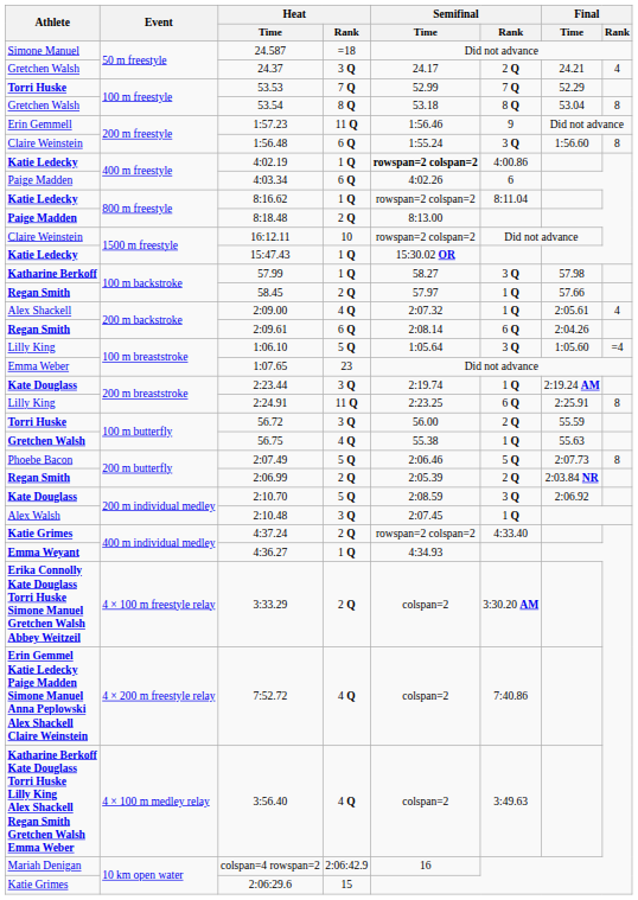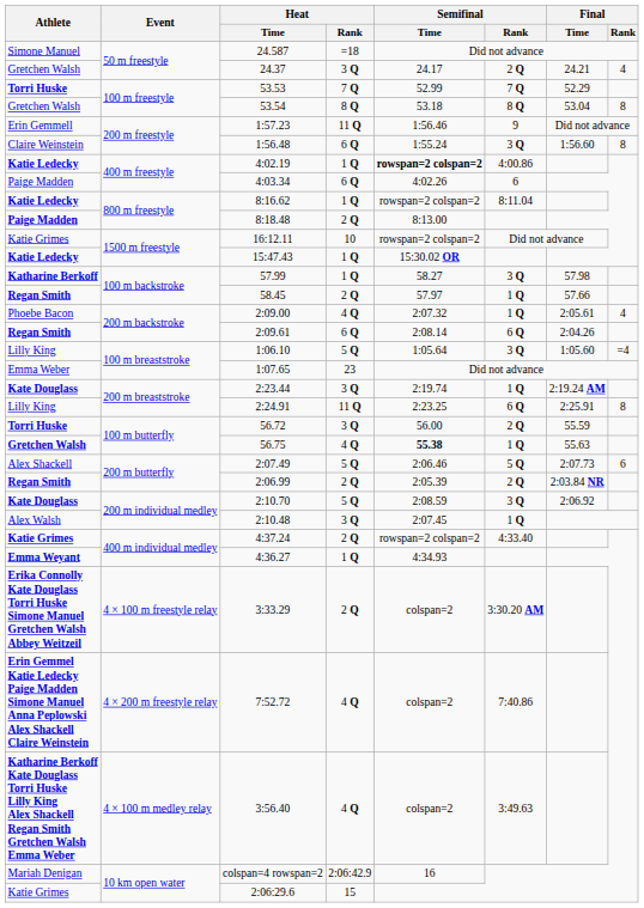 <table class=wikitable style=font-size:90%;text-align:center>
 <tr>
 <th rowspan=2>Athlete</th>
 <th rowspan=2>Event</th>
 <th colspan=2>Heat</th>
 <th colspan=2>Semifinal</th>
 <th colspan=2>Final</th>
 </tr>
 <tr style=font-size:95%>
 <th>Time</th>
 <th>Rank</th>
 <th>Time</th>
 <th>Rank</th>
 <th>Time</th>
 <th>Rank</th>
 </tr>
 <tr>
 <td align=left><a href='#'>Simone Manuel</a></td>
 <td align=left rowspan=2><a href='#'>50 m freestyle</a></td>
 <td>24.587</td>
 <td>=18</td>
 <td colspan=4>Did not advance</td>
 </tr>
 <tr>
 <td align=left><a href='#'>Gretchen Walsh</a></td>
 <td>24.37</td>
 <td>3 <strong>Q</strong></td>
 <td>24.17</td>
 <td>2 <strong>Q</strong></td>
 <td>24.21</td>
 <td>4</td>
 </tr>
 <tr>
 <td align=left><strong><a href='#'>Torri Huske</a></strong></td>
 <td align=left rowspan=2><a href='#'>100 m freestyle</a></td>
 <td>53.53</td>
 <td>7 <strong>Q</strong></td>
 <td>52.99</td>
 <td>7 <strong>Q</strong></td>
 <td>52.29</td>
 <td></td>
 </tr>
 <tr>
 <td align=left><a href='#'>Gretchen Walsh</a></td>
 <td>53.54</td>
 <td>8 <strong>Q</strong></td>
 <td>53.18</td>
 <td>8 <strong>Q</strong></td>
 <td>53.04</td>
 <td>8</td>
 </tr>
 <tr>
 <td align=left><a href='#'>Erin Gemmell</a></td>
 <td align=left rowspan=2><a href='#'>200 m freestyle</a></td>
 <td>1:57.23</td>
 <td>11 <strong>Q</strong></td>
 <td>1:56.46</td>
 <td>9</td>
 <td colspan=2>Did not advance</td>
 </tr>
 <tr>
 <td align=left><a href='#'>Claire Weinstein</a></td>
 <td>1:56.48</td>
 <td>6 <strong>Q</strong></td>
 <td>1:55.24</td>
 <td>3 <strong>Q</strong></td>
 <td>1:56.60</td>
 <td>8</td>
 </tr>
 <tr>
 <td align=left><strong><a href='#'>Katie Ledecky</a></strong></td>
 <td align=left rowspan=2><a href='#'>400 m freestyle</a></td>
 <td>4:02.19</td>
 <td>1 <strong>Q</strong></td>
 <td><strong>rowspan=2 colspan=2 </strong></td>
 <td>4:00.86</td>
 <td></td>
 </tr>
 <tr>
 <td align=left><a href='#'>Paige Madden</a></td>
 <td>4:03.34</td>
 <td>6 <strong>Q</strong></td>
 <td>4:02.26</td>
 <td>6</td>
 </tr>
 <tr>
 <td align=left><strong><a href='#'>Katie Ledecky</a></strong></td>
 <td align=left rowspan=2><a href='#'>800 m freestyle</a></td>
 <td>8:16.62</td>
 <td>1 <strong>Q</strong></td>
 <td>rowspan=2 colspan=2 </td>
 <td>8:11.04</td>
 <td></td>
 </tr>
 <tr>
 <td align=left><strong><a href='#'>Paige Madden</a></strong></td>
 <td>8:18.48</td>
 <td>2 <strong>Q</strong></td>
 <td>8:13.00</td>
 <td></td>
 </tr>
 <tr>
-<td align=left><a href='#'>Claire Weinstein</a></td>
+<td align=left><a href='#'>Katie Grimes</a></td>
 <td align=left rowspan=2><a href='#'>1500 m freestyle</a></td>
 <td>16:12.11</td>
 <td>10</td>
 <td>rowspan=2 colspan=2 </td>
 <td colspan=2>Did not advance</td>
 </tr>
 <tr>
 <td align=left><strong><a href='#'>Katie Ledecky</a></strong></td>
 <td>15:47.43</td>
 <td>1 <strong>Q</strong></td>
 <td>15:30.02 <strong><a href='#'>OR</a></strong></td>
 <td></td>
 </tr>
 <tr>
 <td align=left><strong><a href='#'>Katharine Berkoff</a></strong></td>
 <td align=left rowspan=2><a href='#'>100 m backstroke</a></td>
 <td>57.99</td>
 <td>1 <strong>Q</strong></td>
 <td>58.27</td>
 <td>3 <strong>Q</strong></td>
 <td>57.98</td>
 <td></td>
 </tr>
 <tr>
 <td align=left><strong><a href='#'>Regan Smith</a></strong></td>
 <td>58.45</td>
 <td>2 <strong>Q</strong></td>
 <td>57.97</td>
 <td>1 <strong>Q</strong></td>
 <td>57.66</td>
 <td></td>
 </tr>
 <tr>
-<td align=left><a href='#'>Alex Shackell</a></td>
+<td align=left><a href='#'>Phoebe Bacon</a></td>
 <td align=left rowspan=2><a href='#'>200 m backstroke</a></td>
 <td>2:09.00</td>
 <td>4 <strong>Q</strong></td>
 <td>2:07.32</td>
 <td>1 <strong>Q</strong></td>
 <td>2:05.61</td>
 <td>4</td>
 </tr>
 <tr>
 <td align=left><strong><a href='#'>Regan Smith</a></strong></td>
 <td>2:09.61</td>
 <td>6 <strong>Q</strong></td>
 <td>2:08.14</td>
 <td>6 <strong>Q</strong></td>
 <td>2:04.26</td>
 <td></td>
 </tr>
 <tr>
 <td align=left><a href='#'>Lilly King</a></td>
 <td align=left rowspan=2><a href='#'>100 m breaststroke</a></td>
 <td>1:06.10</td>
 <td>5 <strong>Q</strong></td>
 <td>1:05.64</td>
 <td>3 <strong>Q</strong></td>
 <td>1:05.60</td>
 <td>=4</td>
 </tr>
 <tr>
 <td align=left><a href='#'>Emma Weber</a></td>
 <td>1:07.65</td>
 <td>23</td>
 <td colspan=4>Did not advance</td>
 </tr>
 <tr>
 <td align=left><strong><a href='#'>Kate Douglass</a></strong></td>
 <td align=left rowspan=2><a href='#'>200 m breaststroke</a></td>
 <td>2:23.44</td>
 <td>3 <strong>Q</strong></td>
 <td>2:19.74</td>
 <td>1 <strong>Q</strong></td>
 <td>2:19.24 <strong><a href='#'>AM</a></strong></td>
 <td></td>
 </tr>
 <tr>
 <td align=left><a href='#'>Lilly King</a></td>
 <td>2:24.91</td>
 <td>11 <strong>Q</strong></td>
 <td>2:23.25</td>
 <td>6 <strong>Q</strong></td>
 <td>2:25.91</td>
 <td>8</td>
 </tr>
 <tr>
 <td align=left><strong><a href='#'>Torri Huske</a></strong></td>
 <td align=left rowspan=2><a href='#'>100 m butterfly</a></td>
 <td>56.72</td>
 <td>3 <strong>Q</strong></td>
 <td>56.00</td>
 <td>2 <strong>Q</strong></td>
 <td>55.59</td>
 <td></td>
 </tr>
 <tr>
 <td align=left><strong><a href='#'>Gretchen Walsh</a></strong></td>
 <td>56.75</td>
 <td>4 <strong>Q</strong></td>
-<td>55.38 </td>
+<td><strong>55.38 </strong></td>
 <td>1 <strong>Q</strong></td>
 <td>55.63</td>
 <td></td>
 </tr>
 <tr>
-<td align=left><a href='#'>Phoebe Bacon</a></td>
+<td align=left><a href='#'>Alex Shackell</a></td>
 <td align=left rowspan=2><a href='#'>200 m butterfly</a></td>
 <td>2:07.49</td>
 <td>5 <strong>Q</strong></td>
 <td>2:06.46</td>
 <td>5 <strong>Q</strong></td>
 <td>2:07.73</td>
-<td>8</td>
+<td>6</td>
 </tr>
 <tr>
 <td align=left><strong><a href='#'>Regan Smith</a></strong></td>
 <td>2:06.99</td>
 <td>2 <strong>Q</strong></td>
 <td>2:05.39</td>
 <td>2 <strong>Q</strong></td>
 <td>2:03.84 <strong><a href='#'>NR</a></strong></td>
 <td></td>
 </tr>
 <tr>
 <td align=left><strong><a href='#'>Kate Douglass</a></strong></td>
 <td align=left rowspan=2><a href='#'>200 m individual medley</a></td>
 <td>2:10.70</td>
 <td>5 <strong>Q</strong></td>
 <td>2:08.59</td>
 <td>3 <strong>Q</strong></td>
 <td>2:06.92</td>
 <td></td>
 </tr>
 <tr>
 <td align=left><a href='#'>Alex Walsh</a></td>
 <td>2:10.48</td>
 <td>3 <strong>Q</strong></td>
 <td>2:07.45</td>
 <td>1 <strong>Q</strong></td>
 <td colspan=2></td>
 </tr>
 <tr>
 <td align=left><strong><a href='#'>Katie Grimes</a></strong></td>
 <td align=left rowspan=2><a href='#'>400 m individual medley</a></td>
 <td>4:37.24</td>
 <td>2 <strong>Q</strong></td>
 <td>rowspan=2 colspan=2 </td>
 <td>4:33.40</td>
 <td></td>
 </tr>
 <tr>
 <td align=left><strong><a href='#'>Emma Weyant</a></strong></td>
 <td>4:36.27</td>
 <td>1 <strong>Q</strong></td>
 <td>4:34.93</td>
 <td></td>
 </tr>
 <tr>
 <td align=left><strong><a href='#'>Erika Connolly</a></strong><br><strong><a href='#'>Kate Douglass</a><br><a href='#'>Torri Huske</a><br><a href='#'>Simone Manuel</a><br><a href='#'>Gretchen Walsh</a><br><a href='#'>Abbey Weitzeil</a></strong></td>
 <td align=left><a href='#'>4 × 100 m freestyle relay</a></td>
 <td>3:33.29</td>
 <td>2 <strong>Q</strong></td>
 <td>colspan=2 </td>
 <td>3:30.20 <strong><a href='#'>AM</a></strong></td>
 <td></td>
 </tr>
 <tr>
 <td align=left><strong><a href='#'>Erin Gemmel</a><br><a href='#'>Katie Ledecky</a><br><a href='#'>Paige Madden</a><br><a href='#'>Simone Manuel</a></strong><br><strong><a href='#'>Anna Peplowski</a></strong><br><strong><a href='#'>Alex Shackell</a></strong><br><strong><a href='#'>Claire Weinstein</a></strong></td>
 <td align=left><a href='#'>4 × 200 m freestyle relay</a></td>
 <td>7:52.72</td>
 <td>4 <strong>Q</strong></td>
 <td>colspan=2 </td>
 <td>7:40.86</td>
 <td></td>
 </tr>
 <tr>
 <td align=left><strong><a href='#'>Katharine Berkoff</a></strong><br><strong><a href='#'>Kate Douglass</a></strong><br><strong><a href='#'>Torri Huske</a><br><a href='#'>Lilly King</a><br><a href='#'>Alex Shackell</a></strong><br><strong><a href='#'>Regan Smith</a><br><a href='#'>Gretchen Walsh</a><br><a href='#'>Emma Weber</a></strong></td>
 <td align=left><a href='#'>4 × 100 m medley relay</a></td>
 <td>3:56.40</td>
 <td>4 <strong>Q</strong></td>
 <td>colspan=2 </td>
 <td>3:49.63 </td>
 <td></td>
 </tr>
 <tr>
 <td align=left><a href='#'>Mariah Denigan</a></td>
 <td align=left rowspan=2><a href='#'>10 km open water</a></td>
 <td>colspan=4 rowspan=2 </td>
 <td>2:06:42.9</td>
 <td>16</td>
 </tr>
 <tr>
 <td align=left><a href='#'>Katie Grimes</a></td>
 <td>2:06:29.6</td>
 <td>15</td>
 </tr>
 </table>
